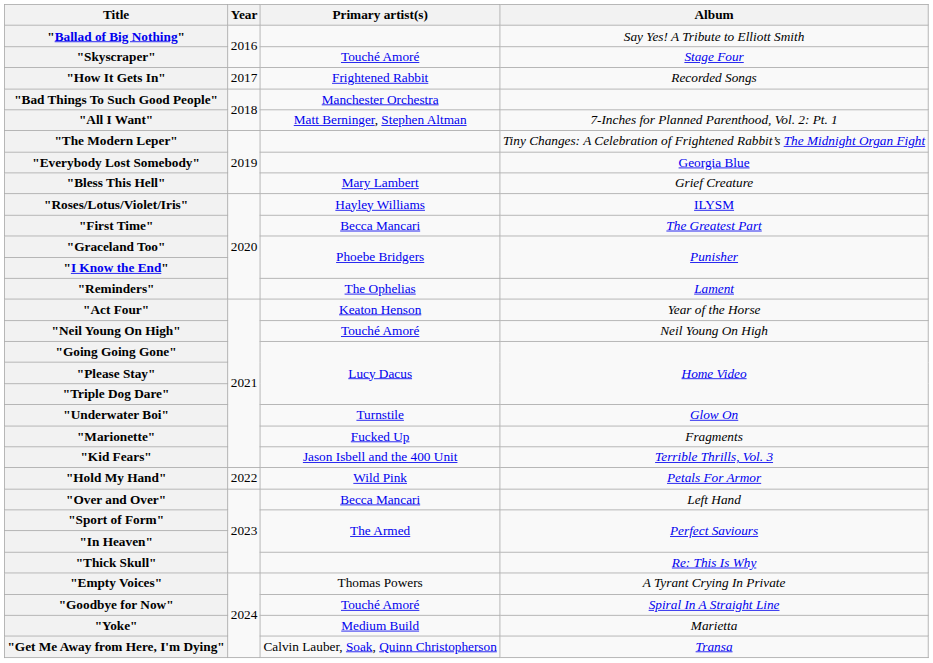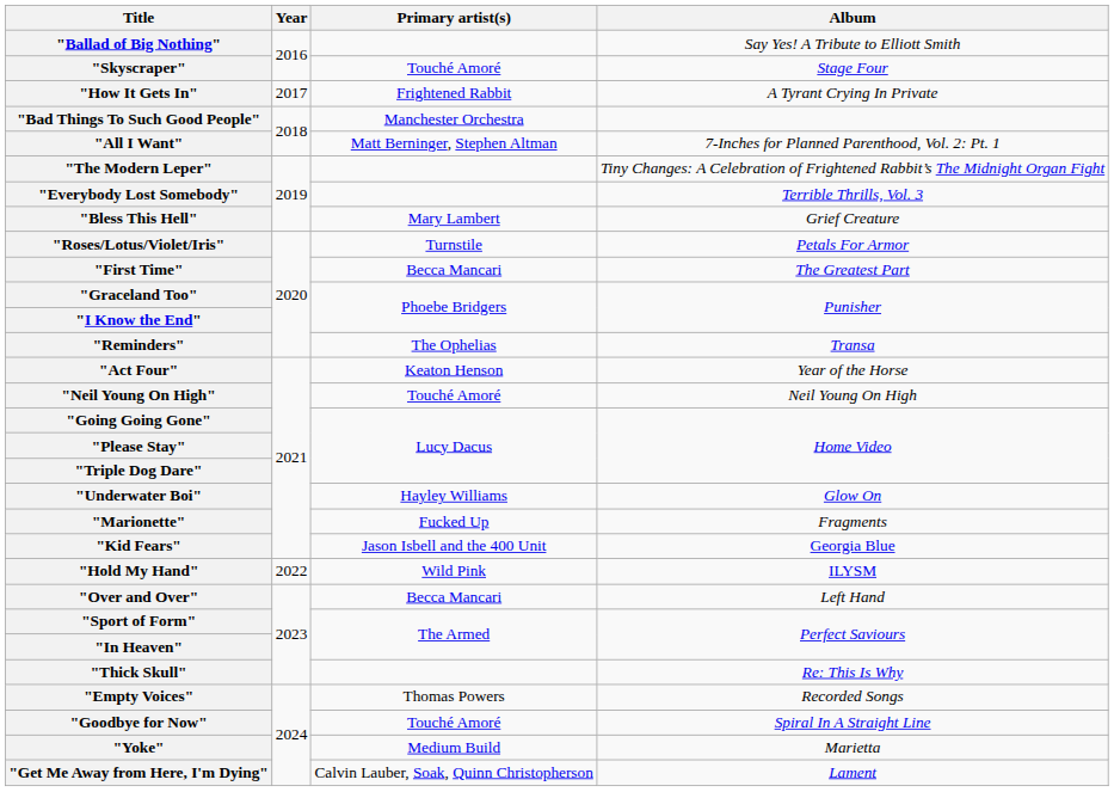 <table class="wikitable sortable plainrowheaders" style="text-align: center;">
 <tr>
 <th scope="col">Title</th>
 <th scope="col">Year</th>
 <th scope="col">Primary artist(s)</th>
 <th scope="col">Album</th>
 </tr>
 <tr>
 <th scope="row">"<a href='#'>Ballad of Big Nothing</a>"<br></th>
 <td rowspan="2">2016</td>
 <td></td>
 <td><em>Say Yes! A Tribute to Elliott Smith</em></td>
 </tr>
 <tr>
 <th scope="row">"Skyscraper"</th>
 <td><a href='#'>Touché Amoré</a></td>
 <td><em><a href='#'>Stage Four</a></em></td>
 </tr>
 <tr>
 <th scope="row">"How It Gets In"</th>
 <td>2017</td>
 <td><a href='#'>Frightened Rabbit</a></td>
-<td><em>Recorded Songs</em></td>
+<td><em>A Tyrant Crying In Private</em></td>
 </tr>
 <tr>
 <th scope="row">"Bad Things To Such Good People"<br></th>
 <td rowspan="2">2018</td>
 <td><a href='#'>Manchester Orchestra</a></td>
 <td></td>
 </tr>
 <tr>
 <th scope="row">"All I Want"</th>
 <td><a href='#'>Matt Berninger</a>, <a href='#'>Stephen Altman</a></td>
 <td><em>7-Inches for Planned Parenthood, Vol. 2: Pt. 1</em></td>
 </tr>
 <tr>
 <th scope="row">"The Modern Leper"<br></th>
 <td rowspan="3">2019</td>
 <td></td>
 <td><em>Tiny Changes: A Celebration of Frightened Rabbit’s <a href='#'>The Midnight Organ Fight</a></em></td>
 </tr>
 <tr>
 <th scope="row">"Everybody Lost Somebody"<br></th>
 <td></td>
-<td><a href='#'>Georgia Blue</a></td>
+<td><em><a href='#'>Terrible Thrills, Vol. 3</a></em></td>
 </tr>
 <tr>
 <th scope="row">"Bless This Hell"</th>
 <td><a href='#'>Mary Lambert</a></td>
 <td><em>Grief Creature</em></td>
 </tr>
 <tr>
 <th scope="row">"Roses/Lotus/Violet/Iris"</th>
 <td rowspan="5">2020</td>
-<td><a href='#'>Hayley Williams</a></td>
-<td><a href='#'>ILYSM</a></td>
+<td><a href='#'>Turnstile</a></td>
+<td><em><a href='#'>Petals For Armor</a></em></td>
 </tr>
 <tr>
 <th scope="row">"First Time"</th>
 <td><a href='#'>Becca Mancari</a></td>
 <td><em><a href='#'>The Greatest Part</a></em></td>
 </tr>
 <tr>
 <th scope="row">"Graceland Too"</th>
 <td rowspan="2"><a href='#'>Phoebe Bridgers</a></td>
 <td rowspan="2"><em><a href='#'>Punisher</a></em></td>
 </tr>
 <tr>
 <th scope="row">"<a href='#'>I Know the End</a>"</th>
 </tr>
 <tr>
 <th scope="row">"Reminders"</th>
 <td><a href='#'>The Ophelias</a></td>
-<td><em><a href='#'>Lament</a></em></td>
+<td><em><a href='#'>Transa</a></em></td>
 </tr>
 <tr>
 <th scope="row">"Act Four"</th>
 <td rowspan="8">2021</td>
 <td><a href='#'>Keaton Henson</a></td>
 <td><em>Year of the Horse</em></td>
 </tr>
 <tr>
 <th scope="row">"Neil Young On High"</th>
 <td><a href='#'>Touché Amoré</a></td>
 <td><em>Neil Young On High</em></td>
 </tr>
 <tr>
 <th scope="row">"Going Going Gone"</th>
 <td rowspan="3"><a href='#'>Lucy Dacus</a></td>
 <td rowspan="3"><em><a href='#'>Home Video</a></em></td>
 </tr>
 <tr>
 <th scope="row">"Please Stay"</th>
 </tr>
 <tr>
 <th scope="row">"Triple Dog Dare"</th>
 </tr>
 <tr>
 <th scope="row">"Underwater Boi"</th>
-<td><a href='#'>Turnstile</a></td>
+<td><a href='#'>Hayley Williams</a></td>
 <td><em><a href='#'>Glow On</a></em></td>
 </tr>
 <tr>
 <th scope="row">"Marionette"</th>
 <td><a href='#'>Fucked Up</a></td>
 <td><em>Fragments</em></td>
 </tr>
 <tr>
 <th scope="row">"Kid Fears"<br></th>
 <td><a href='#'>Jason Isbell and the 400 Unit</a></td>
-<td><em><a href='#'>Terrible Thrills, Vol. 3</a></em></td>
+<td><a href='#'>Georgia Blue</a></td>
 </tr>
 <tr>
 <th scope="row">"Hold My Hand"</th>
 <td>2022</td>
 <td><a href='#'>Wild Pink</a></td>
-<td><em><a href='#'>Petals For Armor</a></em></td>
+<td><a href='#'>ILYSM</a></td>
 </tr>
 <tr>
 <th scope="row">"Over and Over"</th>
 <td rowspan="4">2023</td>
 <td><a href='#'>Becca Mancari</a></td>
 <td><em>Left Hand</em></td>
 </tr>
 <tr>
 <th scope="row">"Sport of Form"</th>
 <td rowspan="2"><a href='#'>The Armed</a></td>
 <td rowspan="2"><em><a href='#'>Perfect Saviours</a></em></td>
 </tr>
 <tr>
 <th scope="row">"In Heaven"</th>
 </tr>
 <tr>
 <th scope="row">"Thick Skull"<br></th>
 <td></td>
 <td><em><a href='#'>Re: This Is Why</a></em></td>
 </tr>
 <tr>
 <th scope="row">"Empty Voices"</th>
 <td rowspan="4">2024</td>
 <td>Thomas Powers</td>
-<td><em>A Tyrant Crying In Private</em></td>
+<td><em>Recorded Songs</em></td>
 </tr>
 <tr>
 <th scope="row">"Goodbye for Now"</th>
 <td><a href='#'>Touché Amoré</a></td>
 <td><em><a href='#'>Spiral In A Straight Line</a></em></td>
 </tr>
 <tr>
 <th scope="row">"Yoke"</th>
 <td><a href='#'>Medium Build</a></td>
 <td><em>Marietta</em></td>
 </tr>
 <tr>
 <th scope="row">"Get Me Away from Here, I'm Dying"<br></th>
 <td>Calvin Lauber, <a href='#'>Soak</a>, <a href='#'>Quinn Christopherson</a></td>
-<td><em><a href='#'>Transa</a></em></td>
+<td><em><a href='#'>Lament</a></em></td>
 </tr>
 </table>
